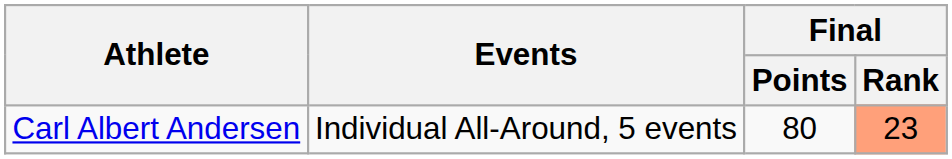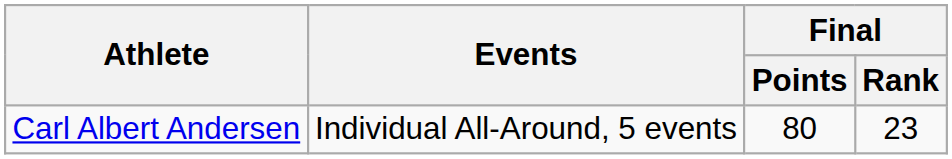 <table class=wikitable style="font-size:90%">
 <tr>
 <th rowspan="2">Athlete</th>
 <th rowspan="2">Events</th>
 <th colspan="2">Final</th>
 </tr>
 <tr>
 <th>Points</th>
 <th>Rank</th>
 </tr>
 <tr>
 <td><a href='#'>Carl Albert Andersen</a></td>
 <td rowspan=4>Individual All-Around, 5 events</td>
 <td align="center">80</td>
-<td align="center" style="background: lightsalmon;">23</td>
+<td align="center">23</td>
 </tr>
 </table>
